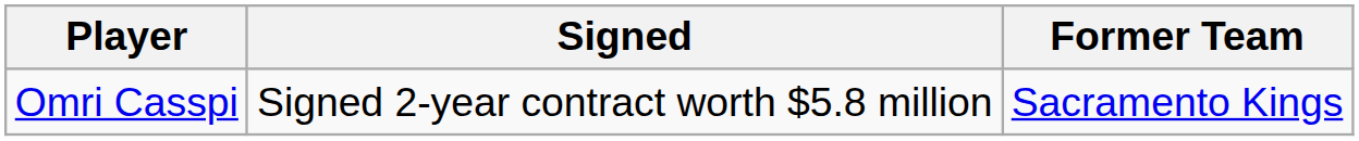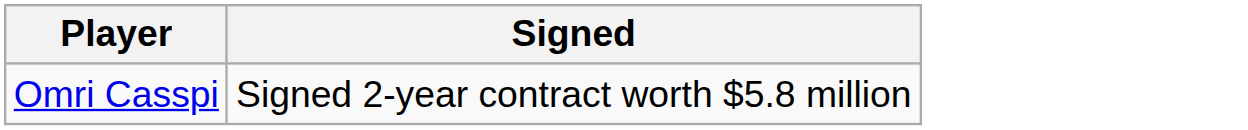 <table class="wikitable sortable sortable">
 <tr>
 <th>Player</th>
 <th>Signed</th>
-<th>Former Team</th>
 </tr>
 <tr style="text-align: center">
 <td><a href='#'>Omri Casspi</a></td>
 <td>Signed 2-year contract worth $5.8 million</td>
-<td><a href='#'>Sacramento Kings</a></td>
 </tr>
 </table>
